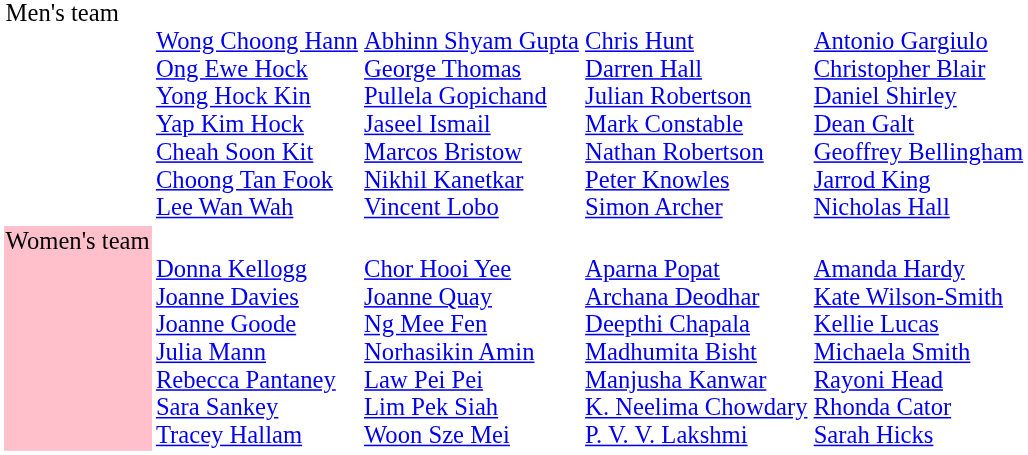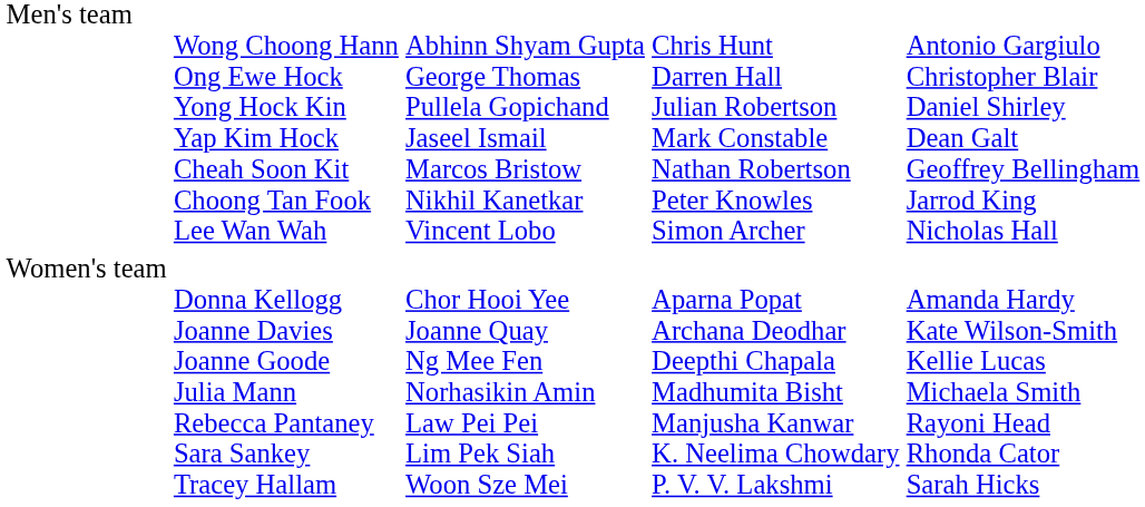 <table>
 <tr style="vertical-align:top;">
 <td>Men's team</td>
 <td><strong></strong><br><a href='#'>Wong Choong Hann</a><br><a href='#'>Ong Ewe Hock</a><br><a href='#'>Yong Hock Kin</a><br><a href='#'>Yap Kim Hock</a><br><a href='#'>Cheah Soon Kit</a><br><a href='#'>Choong Tan Fook</a><br><a href='#'>Lee Wan Wah</a></td>
 <td><strong></strong><br><a href='#'>Abhinn Shyam Gupta</a><br><a href='#'>George Thomas</a><br><a href='#'>Pullela Gopichand</a><br><a href='#'>Jaseel Ismail</a><br><a href='#'>Marcos Bristow</a><br><a href='#'>Nikhil Kanetkar</a><br><a href='#'>Vincent Lobo</a></td>
 <td><strong></strong><br><a href='#'>Chris Hunt</a><br><a href='#'>Darren Hall</a><br><a href='#'>Julian Robertson</a><br><a href='#'>Mark Constable</a><br><a href='#'>Nathan Robertson</a><br><a href='#'>Peter Knowles</a><br><a href='#'>Simon Archer</a></td>
 <td><strong></strong><br><a href='#'>Antonio Gargiulo</a><br><a href='#'>Christopher Blair</a><br><a href='#'>Daniel Shirley</a><br><a href='#'>Dean Galt</a><br><a href='#'>Geoffrey Bellingham</a><br><a href='#'>Jarrod King</a><br><a href='#'>Nicholas Hall</a></td>
 </tr>
 <tr style="vertical-align:top;">
-<td style="background: pink;">Women's team</td>
+<td>Women's team</td>
 <td><strong></strong><br><a href='#'>Donna Kellogg</a><br><a href='#'>Joanne Davies</a><br><a href='#'>Joanne Goode</a><br><a href='#'>Julia Mann</a><br><a href='#'>Rebecca Pantaney</a><br><a href='#'>Sara Sankey</a><br><a href='#'>Tracey Hallam</a></td>
 <td><strong></strong><br><a href='#'>Chor Hooi Yee</a><br><a href='#'>Joanne Quay</a><br><a href='#'>Ng Mee Fen</a><br><a href='#'>Norhasikin Amin</a><br><a href='#'>Law Pei Pei</a><br><a href='#'>Lim Pek Siah</a><br><a href='#'>Woon Sze Mei</a></td>
 <td><strong></strong><br><a href='#'>Aparna Popat</a><br><a href='#'>Archana Deodhar</a><br><a href='#'>Deepthi Chapala</a><br><a href='#'>Madhumita Bisht</a><br><a href='#'>Manjusha Kanwar</a><br><a href='#'>K. Neelima Chowdary</a><br><a href='#'>P. V. V. Lakshmi</a></td>
 <td><strong></strong><br><a href='#'>Amanda Hardy</a><br><a href='#'>Kate Wilson-Smith</a><br><a href='#'>Kellie Lucas</a><br><a href='#'>Michaela Smith</a><br><a href='#'>Rayoni Head</a><br><a href='#'>Rhonda Cator</a><br><a href='#'>Sarah Hicks</a></td>
 </tr>
 </table>
